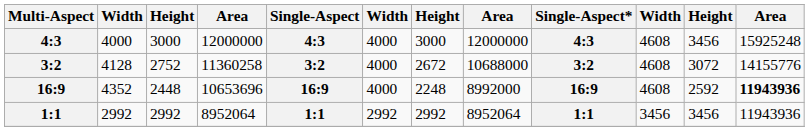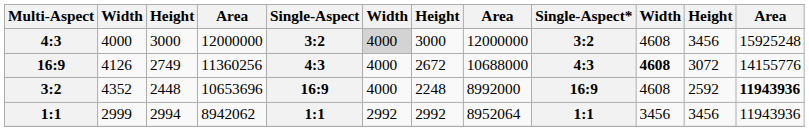 <table class="wikitable">
 <tr>
 <th>Multi-Aspect</th>
 <th>Width</th>
 <th>Height</th>
 <th>Area</th>
 <th>Single-Aspect</th>
 <th>Width</th>
 <th>Height</th>
 <th>Area</th>
 <th>Single-Aspect*</th>
 <th>Width</th>
 <th>Height</th>
 <th>Area</th>
 </tr>
 <tr>
 <th>4:3</th>
 <td>4000</td>
 <td>3000</td>
 <td>12000000</td>
-<th>4:3</th>
-<td>4000</td>
+<th>3:2</th>
+<td style="background: lightgrey;">4000</td>
 <td>3000</td>
 <td>12000000</td>
-<th>4:3</th>
+<th>3:2</th>
 <td>4608</td>
 <td>3456</td>
 <td>15925248</td>
 </tr>
 <tr>
-<th>3:2</th>
-<td>4128</td>
-<td>2752</td>
-<td>11360258</td>
-<th>3:2</th>
+<th>16:9</th>
+<td>4126</td>
+<td>2749</td>
+<td>11360256</td>
+<th>4:3</th>
 <td>4000</td>
 <td>2672</td>
 <td>10688000</td>
-<th>3:2</th>
-<td>4608</td>
+<th>4:3</th>
+<td><strong>4608</strong></td>
 <td>3072</td>
 <td>14155776</td>
 </tr>
 <tr>
-<th>16:9</th>
+<th>3:2</th>
 <td>4352</td>
 <td>2448</td>
 <td>10653696</td>
 <th>16:9</th>
 <td>4000</td>
 <td>2248</td>
 <td>8992000</td>
 <th>16:9</th>
 <td>4608</td>
 <td>2592</td>
 <td><strong>11943936</strong></td>
 </tr>
 <tr>
 <th>1:1</th>
-<td>2992</td>
-<td>2992</td>
-<td>8952064</td>
+<td>2999</td>
+<td>2994</td>
+<td>8942062</td>
 <th>1:1</th>
 <td>2992</td>
 <td>2992</td>
 <td>8952064</td>
 <th>1:1</th>
 <td>3456</td>
 <td>3456</td>
 <td>11943936</td>
 </tr>
 <tr>
 </tr>
 </table>
